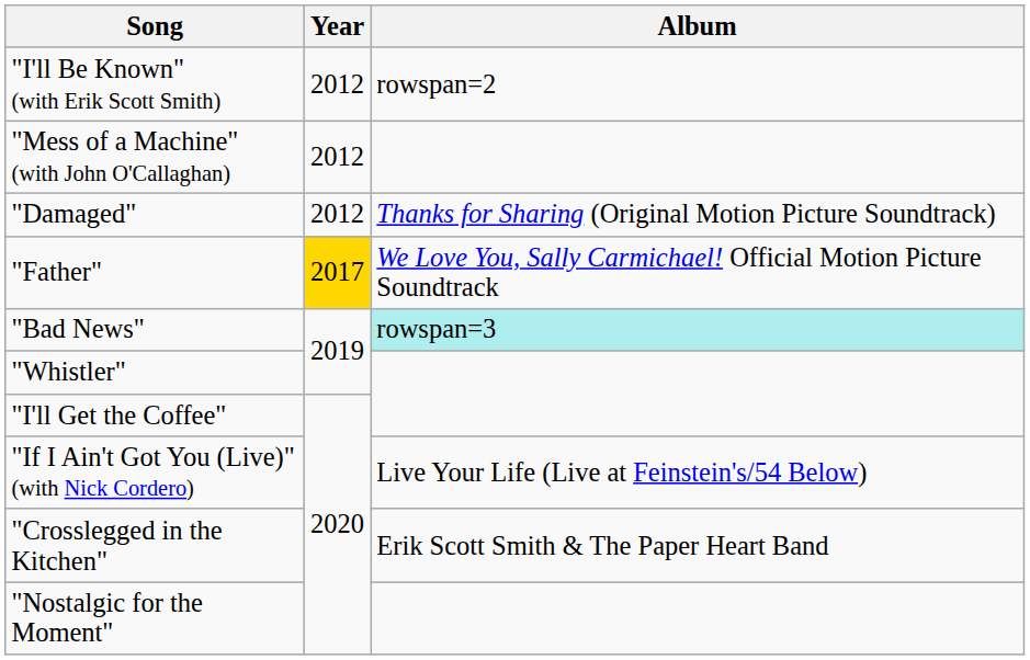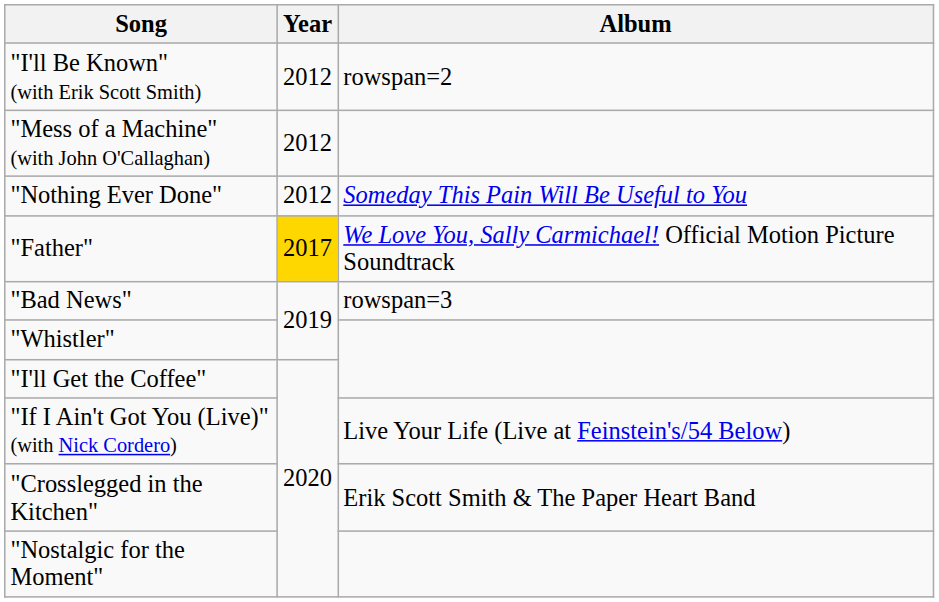 <table class="wikitable">
 <tr>
 <th>Song</th>
 <th>Year</th>
 <th>Album</th>
 </tr>
 <tr>
 <td>"I'll Be Known"<br><small>(with Erik Scott Smith)</small></td>
 <td>2012</td>
 <td>rowspan=2 </td>
 </tr>
 <tr>
 <td>"Mess of a Machine"<br><small>(with John O'Callaghan)</small></td>
 <td>2012</td>
 <td></td>
 </tr>
 <tr>
-<td>"Damaged"</td>
+<td>"Nothing Ever Done"</td>
 <td>2012</td>
-<td><em><a href='#'>Thanks for Sharing</a></em> (Original Motion Picture Soundtrack)</td>
+<td><em><a href='#'>Someday This Pain Will Be Useful to You</a></em></td>
 </tr>
 <tr>
 <td>"Father"</td>
 <td style="background: gold;">2017</td>
 <td><em><a href='#'>We Love You, Sally Carmichael!</a></em> Official Motion Picture Soundtrack</td>
 </tr>
 <tr>
 <td>"Bad News"</td>
 <td rowspan="2">2019</td>
-<td style="background: paleturquoise;">rowspan=3 </td>
+<td>rowspan=3 </td>
 </tr>
 <tr>
 <td>"Whistler"</td>
 </tr>
 <tr>
 <td>"I'll Get the Coffee"</td>
 <td rowspan=4>2020</td>
 </tr>
 <tr>
 <td>"If I Ain't Got You (Live)" <br><small>(with <a href='#'>Nick Cordero</a>)</small></td>
 <td>Live Your Life (Live at <a href='#'>Feinstein's/54 Below</a>)</td>
 </tr>
 <tr>
 <td>"Crosslegged in the Kitchen"</td>
 <td>Erik Scott Smith & The Paper Heart Band</td>
 </tr>
 <tr>
 <td>"Nostalgic for the Moment"</td>
 </tr>
 </table>
